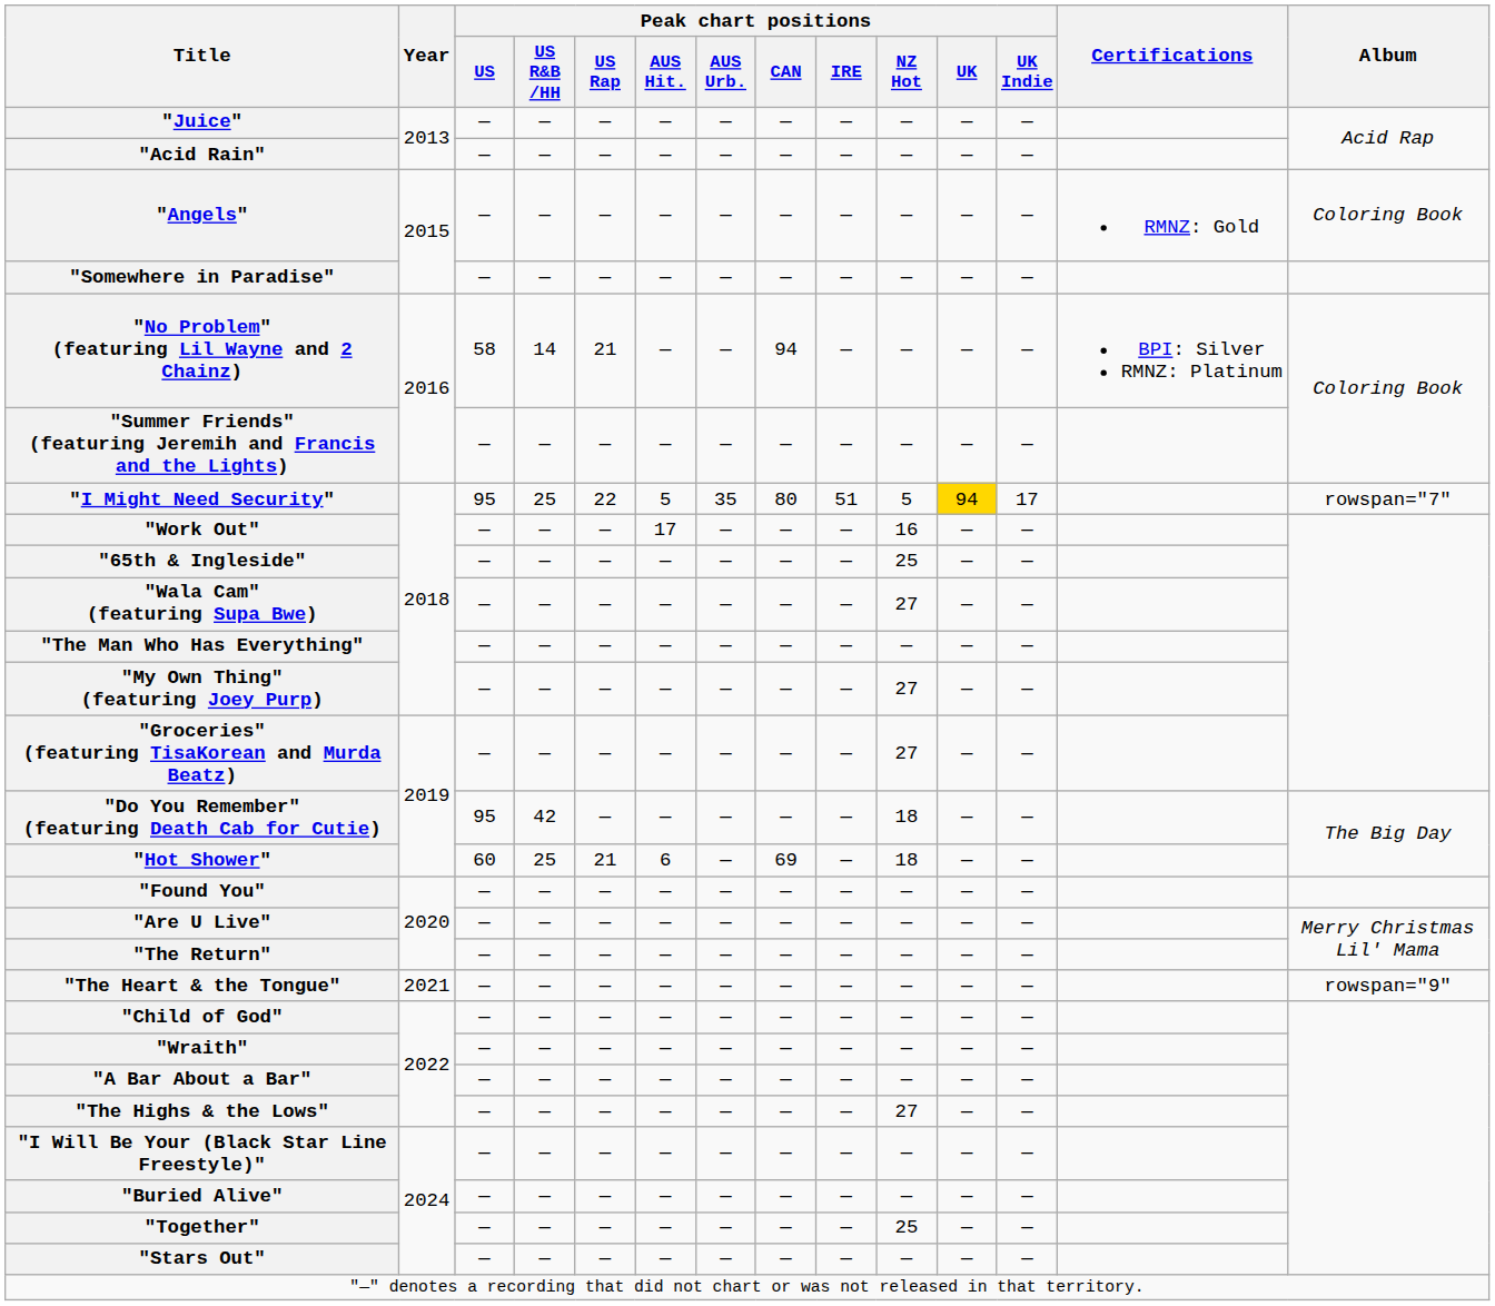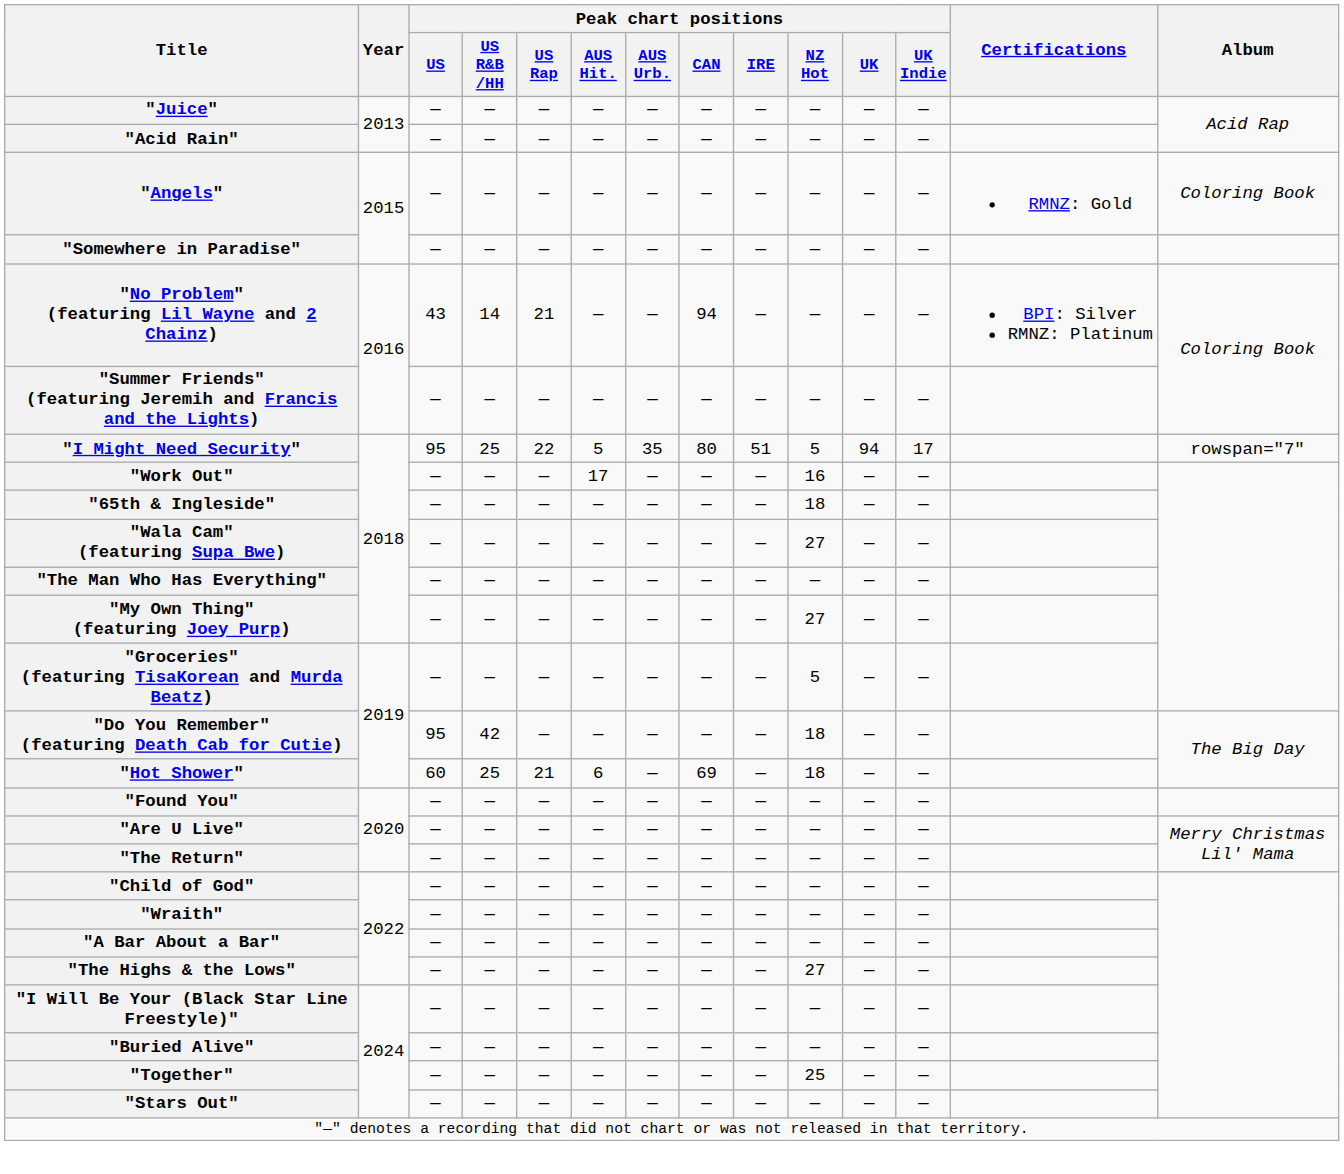 <table class="wikitable plainrowheaders" style="text-align:center;">
 <tr>
 <th scope="col" rowspan="2" style="width:20em;">Title</th>
 <th scope="col" rowspan="2" style="width:1em;">Year</th>
 <th scope="col" colspan="10">Peak chart positions</th>
 <th scope="col" rowspan="2"><a href='#'>Certifications</a></th>
 <th scope="col" rowspan="2" style="width:10em;">Album</th>
 </tr>
 <tr>
 <th scope="col" style="width:3em;font-size:90%;"><a href='#'>US</a><br></th>
 <th scope="col" style="width:3em;font-size:90%;"><a href='#'>US<br>R&B<br>/HH</a><br></th>
 <th scope="col" style="width:3em;font-size:90%;"><a href='#'>US<br>Rap</a><br></th>
 <th scope="col" style="width:3em;font-size:90%;"><a href='#'>AUS<br>Hit.</a><br></th>
 <th scope="col" style="width:3em;font-size:90%;"><a href='#'>AUS<br>Urb.</a><br></th>
 <th scope="col" style="width:3em;font-size:90%;"><a href='#'>CAN</a><br></th>
 <th scope="col" style="width:3em;font-size:90%;"><a href='#'>IRE</a><br></th>
 <th scope="col" style="width:3em;font-size:90%;"><a href='#'>NZ<br>Hot</a><br></th>
 <th scope="col" style="width:3em;font-size:90%;"><a href='#'>UK</a><br></th>
 <th scope="col" style="width:3em;font-size:90%;"><a href='#'>UK<br>Indie</a><br></th>
 </tr>
 <tr>
 <th scope="row">"<a href='#'>Juice</a>"</th>
 <td rowspan="2">2013</td>
 <td>—</td>
 <td>—</td>
 <td>—</td>
 <td>—</td>
 <td>—</td>
 <td>—</td>
 <td>—</td>
 <td>—</td>
 <td>—</td>
 <td>—</td>
 <td></td>
 <td rowspan="2"><em>Acid Rap</em></td>
 </tr>
 <tr>
 <th scope="row">"Acid Rain"</th>
 <td>—</td>
 <td>—</td>
 <td>—</td>
 <td>—</td>
 <td>—</td>
 <td>—</td>
 <td>—</td>
 <td>—</td>
 <td>—</td>
 <td>—</td>
 <td></td>
 </tr>
 <tr>
 <th scope="row">"<a href='#'>Angels</a>"<br></th>
 <td rowspan="2">2015</td>
 <td>—</td>
 <td>—</td>
 <td>—</td>
 <td>—</td>
 <td>—</td>
 <td>—</td>
 <td>—</td>
 <td>—</td>
 <td>—</td>
 <td>—</td>
 <td><br><ul><li><a href='#'>RMNZ</a>: Gold</li></ul></td>
 <td><em>Coloring Book</em></td>
 </tr>
 <tr>
 <th scope="row">"Somewhere in Paradise"<br></th>
 <td>—</td>
 <td>—</td>
 <td>—</td>
 <td>—</td>
 <td>—</td>
 <td>—</td>
 <td>—</td>
 <td>—</td>
 <td>—</td>
 <td>—</td>
 <td></td>
 <td></td>
 </tr>
 <tr>
 <th scope="row">"<a href='#'>No Problem</a>"<br><span>(featuring <a href='#'>Lil Wayne</a> and <a href='#'>2 Chainz</a>)</span></th>
 <td rowspan="2">2016</td>
-<td>58</td>
+<td>43</td>
 <td>14</td>
 <td>21</td>
 <td>—</td>
 <td>—</td>
 <td>94</td>
 <td>—</td>
 <td>—</td>
 <td>—</td>
 <td>—</td>
 <td><br><ul><li><a href='#'>BPI</a>: Silver</li><li>RMNZ: Platinum</li></ul></td>
 <td rowspan="2"><em>Coloring Book</em></td>
 </tr>
 <tr>
 <th scope="row">"Summer Friends"<br><span>(featuring Jeremih and <a href='#'>Francis and the Lights</a>)</span></th>
 <td>—</td>
 <td>—</td>
 <td>—</td>
 <td>—</td>
 <td>—</td>
 <td>—</td>
 <td>—</td>
 <td>—</td>
 <td>—</td>
 <td>—</td>
 <td></td>
 </tr>
 <tr>
 <th scope="row">"<a href='#'>I Might Need Security</a>"</th>
 <td rowspan="6">2018</td>
 <td>95</td>
 <td>25</td>
 <td>22</td>
 <td>5</td>
 <td>35</td>
 <td>80</td>
 <td>51</td>
 <td>5</td>
-<td style="background: gold;">94</td>
+<td>94</td>
 <td>17</td>
 <td></td>
 <td>rowspan="7" </td>
 </tr>
 <tr>
 <th scope="row">"Work Out"</th>
 <td>—</td>
 <td>—</td>
 <td>—</td>
 <td>17</td>
 <td>—</td>
 <td>—</td>
 <td>—</td>
 <td>16</td>
 <td>—</td>
 <td>—</td>
 <td></td>
 </tr>
 <tr>
 <th scope="row">"65th & Ingleside"</th>
 <td>—</td>
 <td>—</td>
 <td>—</td>
 <td>—</td>
 <td>—</td>
 <td>—</td>
 <td>—</td>
-<td>25</td>
+<td>18</td>
 <td>—</td>
 <td>—</td>
 <td></td>
 </tr>
 <tr>
 <th scope="row">"Wala Cam"<br><span>(featuring <a href='#'>Supa Bwe</a>)</span></th>
 <td>—</td>
 <td>—</td>
 <td>—</td>
 <td>—</td>
 <td>—</td>
 <td>—</td>
 <td>—</td>
 <td>27</td>
 <td>—</td>
 <td>—</td>
 <td></td>
 </tr>
 <tr>
 <th scope="row">"The Man Who Has Everything"</th>
 <td>—</td>
 <td>—</td>
 <td>—</td>
 <td>—</td>
 <td>—</td>
 <td>—</td>
 <td>—</td>
 <td>—</td>
 <td>—</td>
 <td>—</td>
 <td></td>
 </tr>
 <tr>
 <th scope="row">"My Own Thing"<br><span>(featuring <a href='#'>Joey Purp</a>)</span></th>
 <td>—</td>
 <td>—</td>
 <td>—</td>
 <td>—</td>
 <td>—</td>
 <td>—</td>
 <td>—</td>
 <td>27</td>
 <td>—</td>
 <td>—</td>
 <td></td>
 </tr>
 <tr>
 <th scope="row">"Groceries"<br><span>(featuring <a href='#'>TisaKorean</a> and <a href='#'>Murda Beatz</a>)</span></th>
 <td rowspan="3">2019</td>
 <td>—</td>
 <td>—</td>
 <td>—</td>
 <td>—</td>
 <td>—</td>
 <td>—</td>
 <td>—</td>
-<td>27</td>
+<td>5</td>
 <td>—</td>
 <td>—</td>
 <td></td>
 </tr>
 <tr>
 <th scope="row">"Do You Remember"<br><span>(featuring <a href='#'>Death Cab for Cutie</a>)</span></th>
 <td>95</td>
 <td>42</td>
 <td>—</td>
 <td>—</td>
 <td>—</td>
 <td>—</td>
 <td>—</td>
 <td>18</td>
 <td>—</td>
 <td>—</td>
 <td></td>
 <td rowspan="2"><em>The Big Day</em></td>
 </tr>
 <tr>
 <th scope="row">"<a href='#'>Hot Shower</a>"<br></th>
 <td>60</td>
 <td>25</td>
 <td>21</td>
 <td>6</td>
 <td>—</td>
 <td>69</td>
 <td>—</td>
 <td>18</td>
 <td>—</td>
 <td>—</td>
 <td></td>
 </tr>
 <tr>
 <th scope="row">"Found You"<br></th>
 <td rowspan="3">2020</td>
 <td>—</td>
 <td>—</td>
 <td>—</td>
 <td>—</td>
 <td>—</td>
 <td>—</td>
 <td>—</td>
 <td>—</td>
 <td>—</td>
 <td>—</td>
 <td></td>
 <td></td>
 </tr>
 <tr>
 <th scope="row">"Are U Live"<br></th>
 <td>—</td>
 <td>—</td>
 <td>—</td>
 <td>—</td>
 <td>—</td>
 <td>—</td>
 <td>—</td>
 <td>—</td>
 <td>—</td>
 <td>—</td>
 <td></td>
 <td rowspan="2"><em>Merry Christmas Lil' Mama</em></td>
 </tr>
 <tr>
 <th scope="row">"The Return"</th>
 <td>—</td>
 <td>—</td>
 <td>—</td>
 <td>—</td>
 <td>—</td>
 <td>—</td>
 <td>—</td>
 <td>—</td>
 <td>—</td>
 <td>—</td>
-</tr>
-<tr>
-<th scope="row">"The Heart & the Tongue"</th>
-<td>2021</td>
-<td>—</td>
-<td>—</td>
-<td>—</td>
-<td>—</td>
-<td>—</td>
-<td>—</td>
-<td>—</td>
-<td>—</td>
-<td>—</td>
-<td>—</td>
-<td></td>
-<td>rowspan="9" </td>
 </tr>
 <tr>
 <th scope="row">"Child of God"</th>
 <td rowspan="4">2022</td>
 <td>—</td>
 <td>—</td>
 <td>—</td>
 <td>—</td>
 <td>—</td>
 <td>—</td>
 <td>—</td>
 <td>—</td>
 <td>—</td>
 <td>—</td>
 <td></td>
 </tr>
 <tr>
 <th scope="row">"Wraith"<br></th>
 <td>—</td>
 <td>—</td>
 <td>—</td>
 <td>—</td>
 <td>—</td>
 <td>—</td>
 <td>—</td>
 <td>—</td>
 <td>—</td>
 <td>—</td>
 <td></td>
 </tr>
 <tr>
 <th scope="row">"A Bar About a Bar"</th>
 <td>—</td>
 <td>—</td>
 <td>—</td>
 <td>—</td>
 <td>—</td>
 <td>—</td>
 <td>—</td>
 <td>—</td>
 <td>—</td>
 <td>—</td>
 <td></td>
 </tr>
 <tr>
 <th scope="row">"The Highs & the Lows"<br></th>
 <td>—</td>
 <td>—</td>
 <td>—</td>
 <td>—</td>
 <td>—</td>
 <td>—</td>
 <td>—</td>
 <td>27</td>
 <td>—</td>
 <td>—</td>
 <td></td>
 </tr>
 <tr>
 <th scope="row">"I Will Be Your (Black Star Line Freestyle)"</th>
 <td rowspan="4">2024</td>
 <td>—</td>
 <td>—</td>
 <td>—</td>
 <td>—</td>
 <td>—</td>
 <td>—</td>
 <td>—</td>
 <td>—</td>
 <td>—</td>
 <td>—</td>
 <td></td>
 </tr>
 <tr>
 <th scope="row">"Buried Alive"</th>
 <td>—</td>
 <td>—</td>
 <td>—</td>
 <td>—</td>
 <td>—</td>
 <td>—</td>
 <td>—</td>
 <td>—</td>
 <td>—</td>
 <td>—</td>
 <td></td>
 </tr>
 <tr>
 <th scope="row">"Together"<br></th>
 <td>—</td>
 <td>—</td>
 <td>—</td>
 <td>—</td>
 <td>—</td>
 <td>—</td>
 <td>—</td>
 <td>25</td>
 <td>—</td>
 <td>—</td>
 <td></td>
 </tr>
 <tr>
 <th scope="row">"Stars Out"</th>
 <td>—</td>
 <td>—</td>
 <td>—</td>
 <td>—</td>
 <td>—</td>
 <td>—</td>
 <td>—</td>
 <td>—</td>
 <td>—</td>
 <td>—</td>
 <td></td>
 </tr>
 <tr>
 <td colspan="14" style="font-size:85%">"—" denotes a recording that did not chart or was not released in that territory.</td>
 </tr>
 </table>
